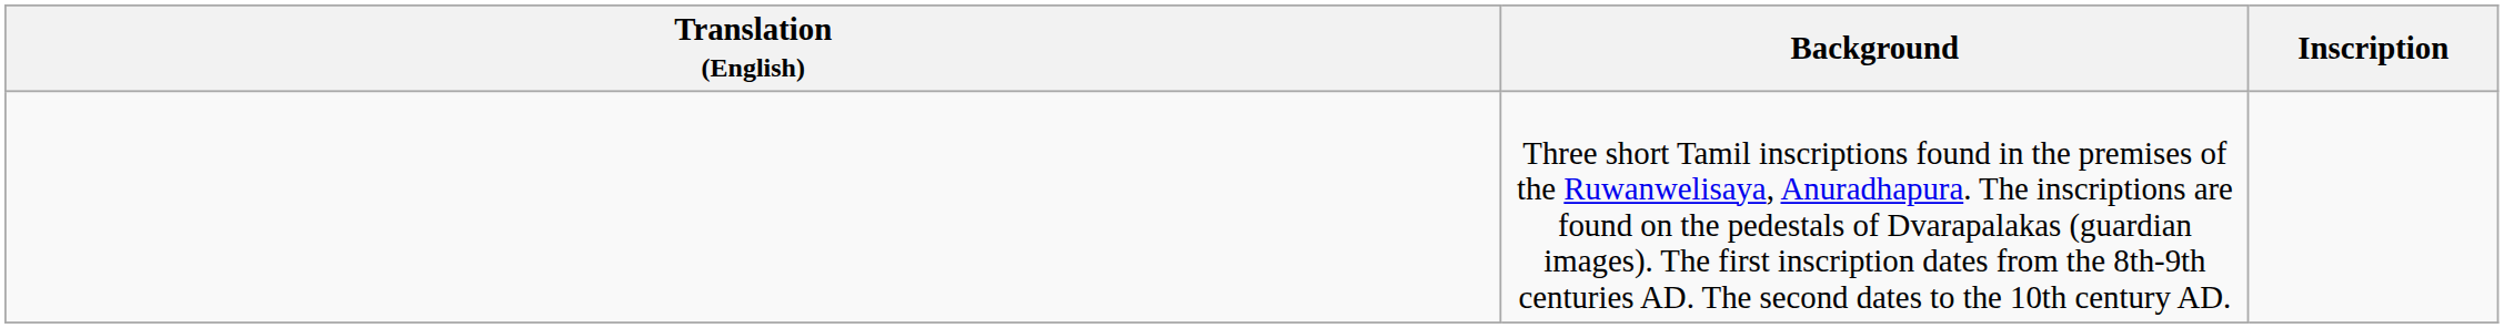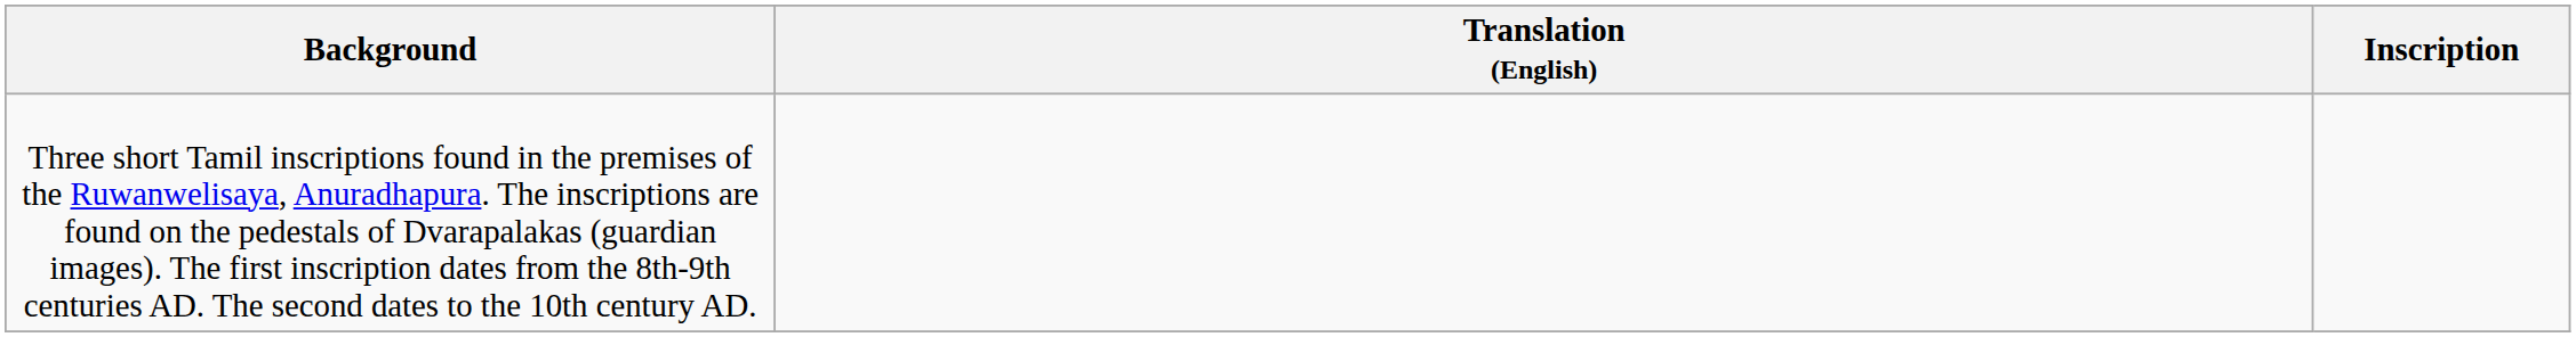 <table class="wikitable centre">
 <tr>
+<th scope="col" align=left>Background<br></th>
 <th>Translation<br><small>(English)</small></th>
-<th scope="col" align=left>Background<br></th>
 <th>Inscription<br></th>
 </tr>
 <tr>
+<td align=center width="30%"><br>Three short Tamil inscriptions found in the premises of the <a href='#'>Ruwanwelisaya</a>, <a href='#'>Anuradhapura</a>. The inscriptions are found on the pedestals of Dvarapalakas (guardian images). The first inscription dates from the 8th-9th centuries AD. The second dates to the 10th century AD.</td>
 <td align=left><br></td>
-<td align=center width="30%"><br>Three short Tamil inscriptions found in the premises of the <a href='#'>Ruwanwelisaya</a>, <a href='#'>Anuradhapura</a>. The inscriptions are found on the pedestals of Dvarapalakas (guardian images). The first inscription dates from the 8th-9th centuries AD. The second dates to the 10th century AD.</td>
 <td align=center width="10%"></td>
 </tr>
 </table>
